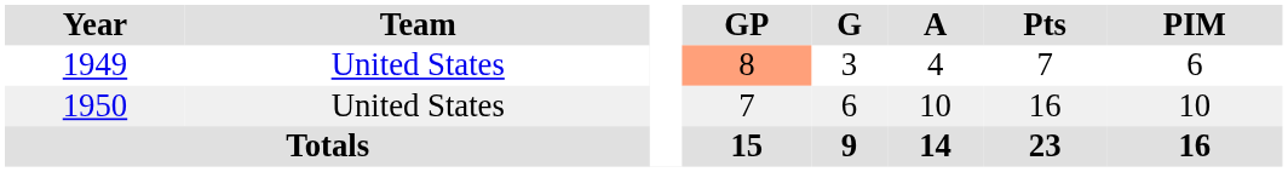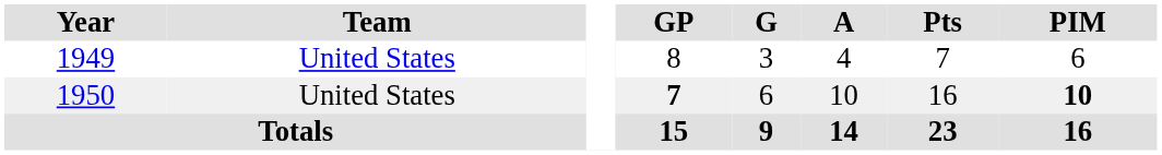 <table border="0" cellpadding="1" cellspacing="0" style="text-align:center; width:50%">
 <tr ALIGN="center" bgcolor="#e0e0e0">
 <th>Year</th>
 <th>Team</th>
 <th ALIGN="center" rowspan="99" bgcolor="#ffffff"> </th>
 <th>GP</th>
 <th>G</th>
 <th>A</th>
 <th>Pts</th>
 <th>PIM</th>
 </tr>
 <tr ALIGN="center">
 <td><a href='#'>1949</a></td>
 <td><a href='#'>United States</a></td>
-<td style="background: lightsalmon;">8</td>
+<td>8</td>
 <td>3</td>
 <td>4</td>
 <td>7</td>
 <td>6</td>
 </tr>
 <tr ALIGN="center" bgcolor="#f0f0f0">
 <td><a href='#'>1950</a></td>
 <td>United States</td>
-<td>7</td>
+<td><strong>7</strong></td>
 <td>6</td>
 <td>10</td>
 <td>16</td>
-<td>10</td>
+<td><strong>10</strong></td>
 </tr>
 <tr ALIGN="center" bgcolor="#e0e0e0">
 <th colspan=2>Totals</th>
 <th>15</th>
 <th>9</th>
 <th>14</th>
 <th>23</th>
 <th>16</th>
 </tr>
 </table>
